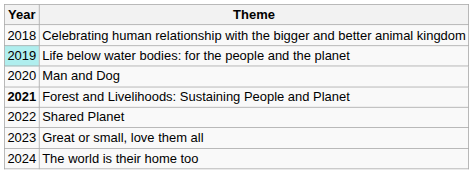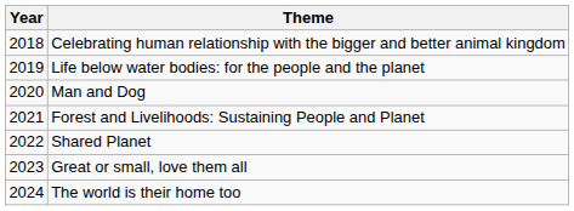 <table class="wikitable">
 <tr>
 <th>Year</th>
 <th>Theme</th>
 </tr>
 <tr>
 <td>2018</td>
 <td>Celebrating human relationship with the bigger and better animal kingdom</td>
 </tr>
 <tr>
-<td style="background: paleturquoise;">2019</td>
+<td>2019</td>
 <td>Life below water bodies: for the people and the planet</td>
 </tr>
 <tr>
 <td>2020</td>
 <td>Man and Dog</td>
 </tr>
 <tr>
-<td><strong>2021</strong></td>
+<td>2021</td>
 <td>Forest and Livelihoods: Sustaining People and Planet</td>
 </tr>
 <tr>
 <td>2022</td>
 <td>Shared Planet</td>
 </tr>
 <tr>
 <td>2023</td>
 <td>Great or small, love them all</td>
 </tr>
 <tr>
 <td>2024</td>
 <td>The world is their home too</td>
 </tr>
 </table>
